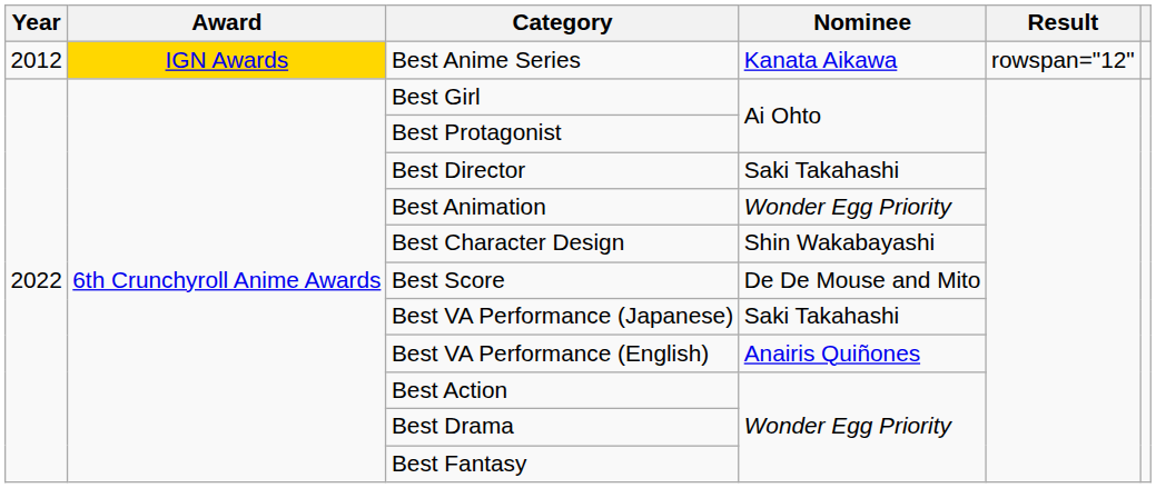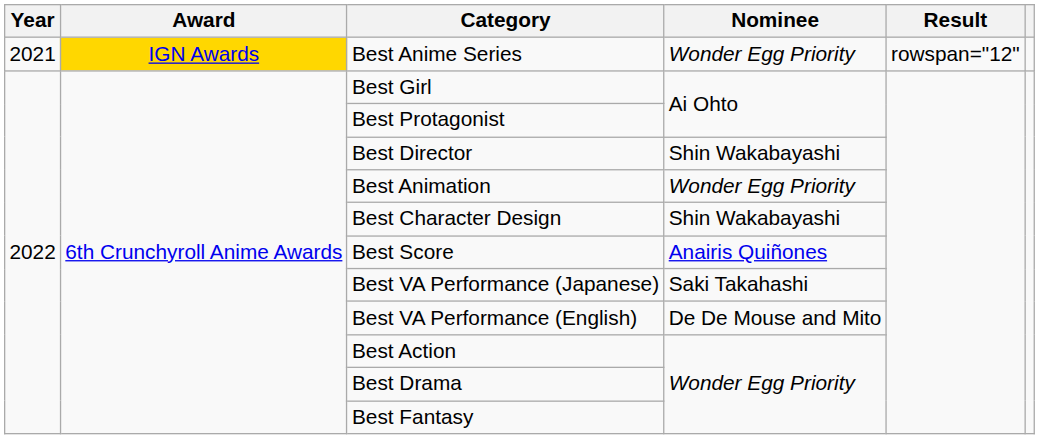 <table class="wikitable sortable">
 <tr>
 <th scope="col">Year</th>
 <th scope="col">Award</th>
 <th scope="col">Category</th>
 <th scope="col">Nominee</th>
 <th scope="col">Result</th>
 <th scope="col" class="unsortable"></th>
 </tr>
 <tr>
-<td align="center">2012</td>
+<td align="center">2021</td>
 <td align="center" style="background: gold;"><a href='#'>IGN Awards</a></td>
 <td>Best Anime Series</td>
-<td><a href='#'>Kanata Aikawa</a> </td>
+<td><em>Wonder Egg Priority</em></td>
 <td>rowspan="12" </td>
 <td style="text-align:center"></td>
 </tr>
 <tr>
 <td rowspan="11" align="center">2022</td>
 <td rowspan="11" align="center"><a href='#'>6th Crunchyroll Anime Awards</a></td>
 <td>Best Girl</td>
 <td rowspan="2">Ai Ohto</td>
 <td rowspan="11" style="text-align:center;"></td>
 </tr>
 <tr>
 <td>Best Protagonist</td>
 </tr>
 <tr>
 <td>Best Director</td>
-<td>Saki Takahashi</td>
+<td>Shin Wakabayashi</td>
 </tr>
 <tr>
 <td>Best Animation</td>
 <td><em>Wonder Egg Priority</em></td>
 </tr>
 <tr>
 <td>Best Character Design</td>
 <td>Shin Wakabayashi</td>
 </tr>
 <tr>
 <td>Best Score</td>
-<td>De De Mouse and Mito</td>
+<td><a href='#'>Anairis Quiñones</a> </td>
 </tr>
 <tr>
 <td>Best VA Performance (Japanese)</td>
 <td>Saki Takahashi</td>
 </tr>
 <tr>
 <td>Best VA Performance (English)</td>
-<td><a href='#'>Anairis Quiñones</a> </td>
+<td>De De Mouse and Mito</td>
 </tr>
 <tr>
 <td>Best Action</td>
 <td rowspan="3"><em>Wonder Egg Priority</em></td>
 </tr>
 <tr>
 <td>Best Drama</td>
 </tr>
 <tr>
 <td>Best Fantasy</td>
 </tr>
 </table>
